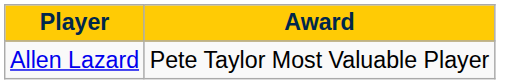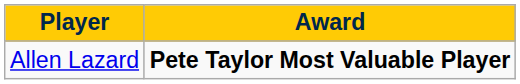 <table class="wikitable sortable sortable" style="text-align: center">
 <tr align=center>
 <th style="background: #FFCB05; color: #00274C">Player</th>
 <th style="background: #FFCB05; color: #00274C">Award</th>
 </tr>
 <tr>
 <td><a href='#'>Allen Lazard</a></td>
-<td>Pete Taylor Most Valuable Player</td>
+<td><strong>Pete Taylor Most Valuable Player</strong></td>
 </tr>
 </table>
